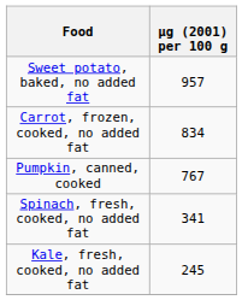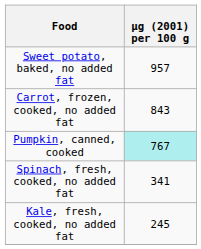 <table class="wikitable" style="float:right; clear:left; width:18em; text-align:center;">
 <tr>
 <th>Food</th>
 <th><br>μg  (2001) per 100 g</th>
 </tr>
 <tr>
 <td><a href='#'>Sweet potato</a>, baked, no added <a href='#'>fat</a></td>
 <td>957</td>
 </tr>
 <tr>
 <td><a href='#'>Carrot</a>, frozen, cooked, no added fat</td>
-<td>834</td>
+<td>843</td>
 </tr>
 <tr>
 <td><a href='#'>Pumpkin</a>, canned, cooked</td>
-<td>767</td>
+<td style="background: paleturquoise;">767</td>
 </tr>
 <tr>
 <td><a href='#'>Spinach</a>, fresh, cooked, no added fat</td>
 <td>341</td>
 </tr>
 <tr>
 <td><a href='#'>Kale</a>, fresh, cooked, no added fat</td>
 <td>245</td>
 </tr>
 <tr>
 </tr>
 </table>
